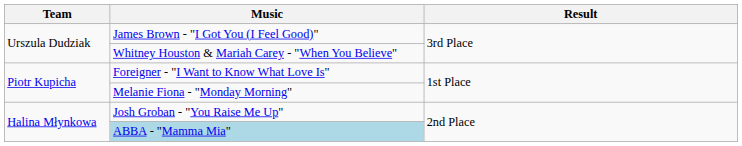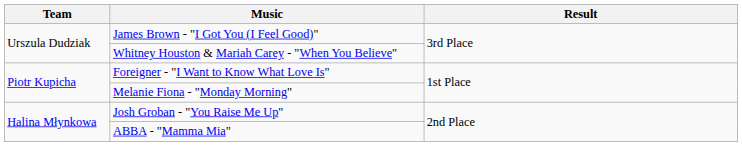 <table class="wikitable">
 <tr>
 <th style="width:130px;">Team</th>
 <th style="width:400px;">Music</th>
 <th style="width:400px;">Result</th>
 </tr>
 <tr>
 <td rowspan="2">Urszula Dudziak</td>
 <td><a href='#'>James Brown</a> - "<a href='#'>I Got You (I Feel Good)</a>"</td>
 <td rowspan="2">3rd Place</td>
 </tr>
 <tr>
 <td><a href='#'>Whitney Houston</a> & <a href='#'>Mariah Carey</a> - "<a href='#'>When You Believe</a>"</td>
 </tr>
 <tr>
 <td rowspan="2"><a href='#'>Piotr Kupicha</a></td>
 <td><a href='#'>Foreigner</a> - "<a href='#'>I Want to Know What Love Is</a>"</td>
 <td rowspan="2">1st Place</td>
 </tr>
 <tr>
 <td><a href='#'>Melanie Fiona</a> - "<a href='#'>Monday Morning</a>"</td>
 </tr>
 <tr>
 <td rowspan="2"><a href='#'>Halina Młynkowa</a></td>
 <td><a href='#'>Josh Groban</a> - "<a href='#'>You Raise Me Up</a>"</td>
 <td rowspan="2">2nd Place</td>
 </tr>
 <tr>
-<td style="background: lightblue;"><a href='#'>ABBA</a> - "<a href='#'>Mamma Mia</a>"</td>
+<td><a href='#'>ABBA</a> - "<a href='#'>Mamma Mia</a>"</td>
 </tr>
 </table>
